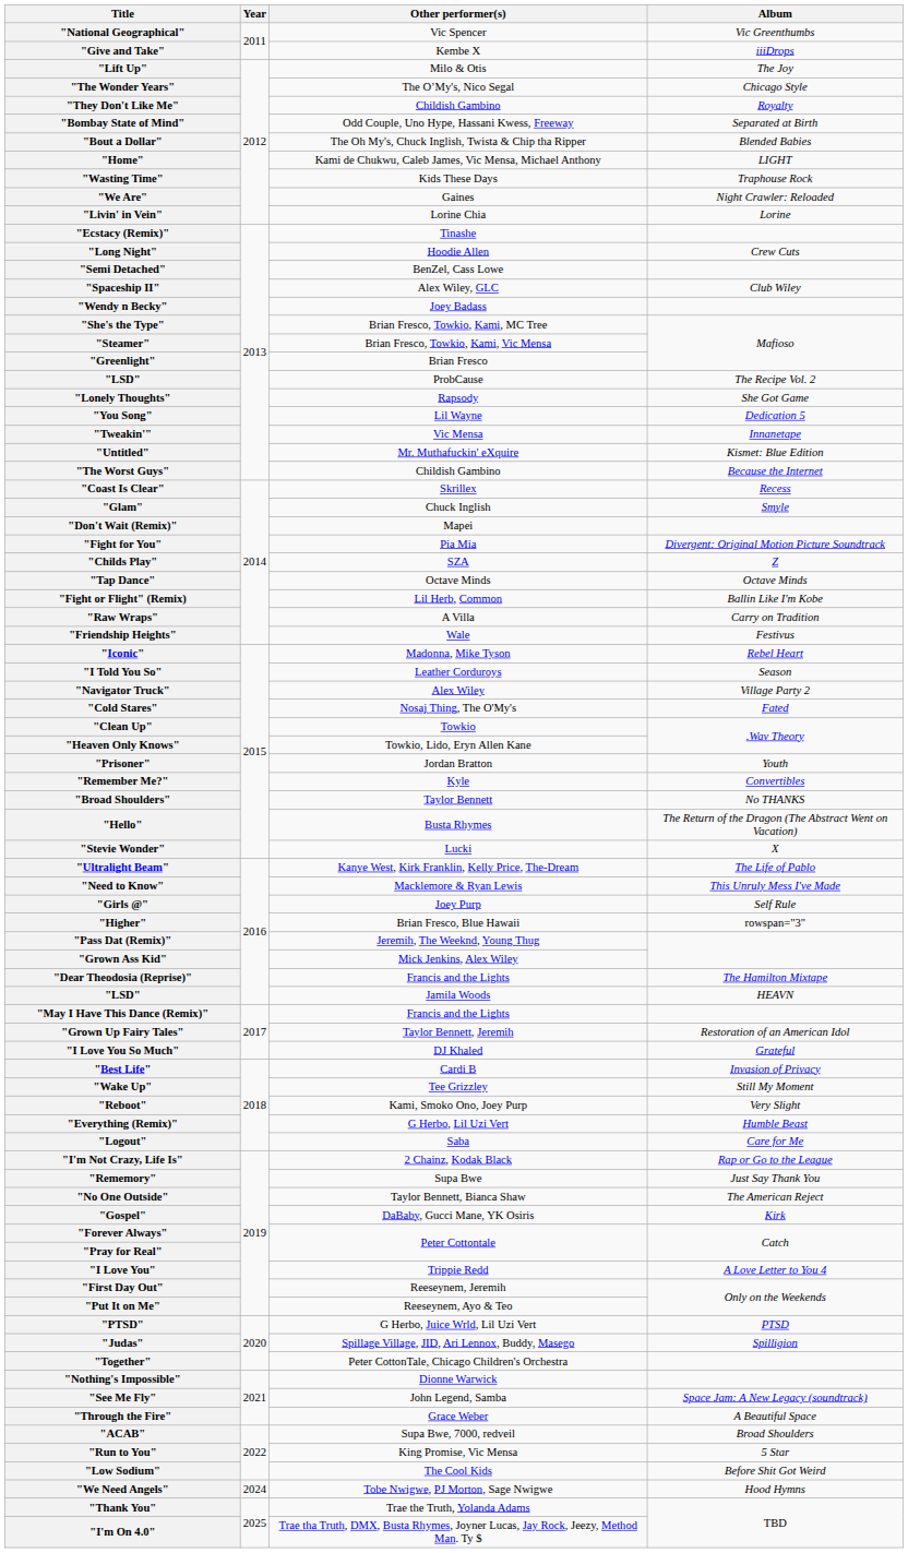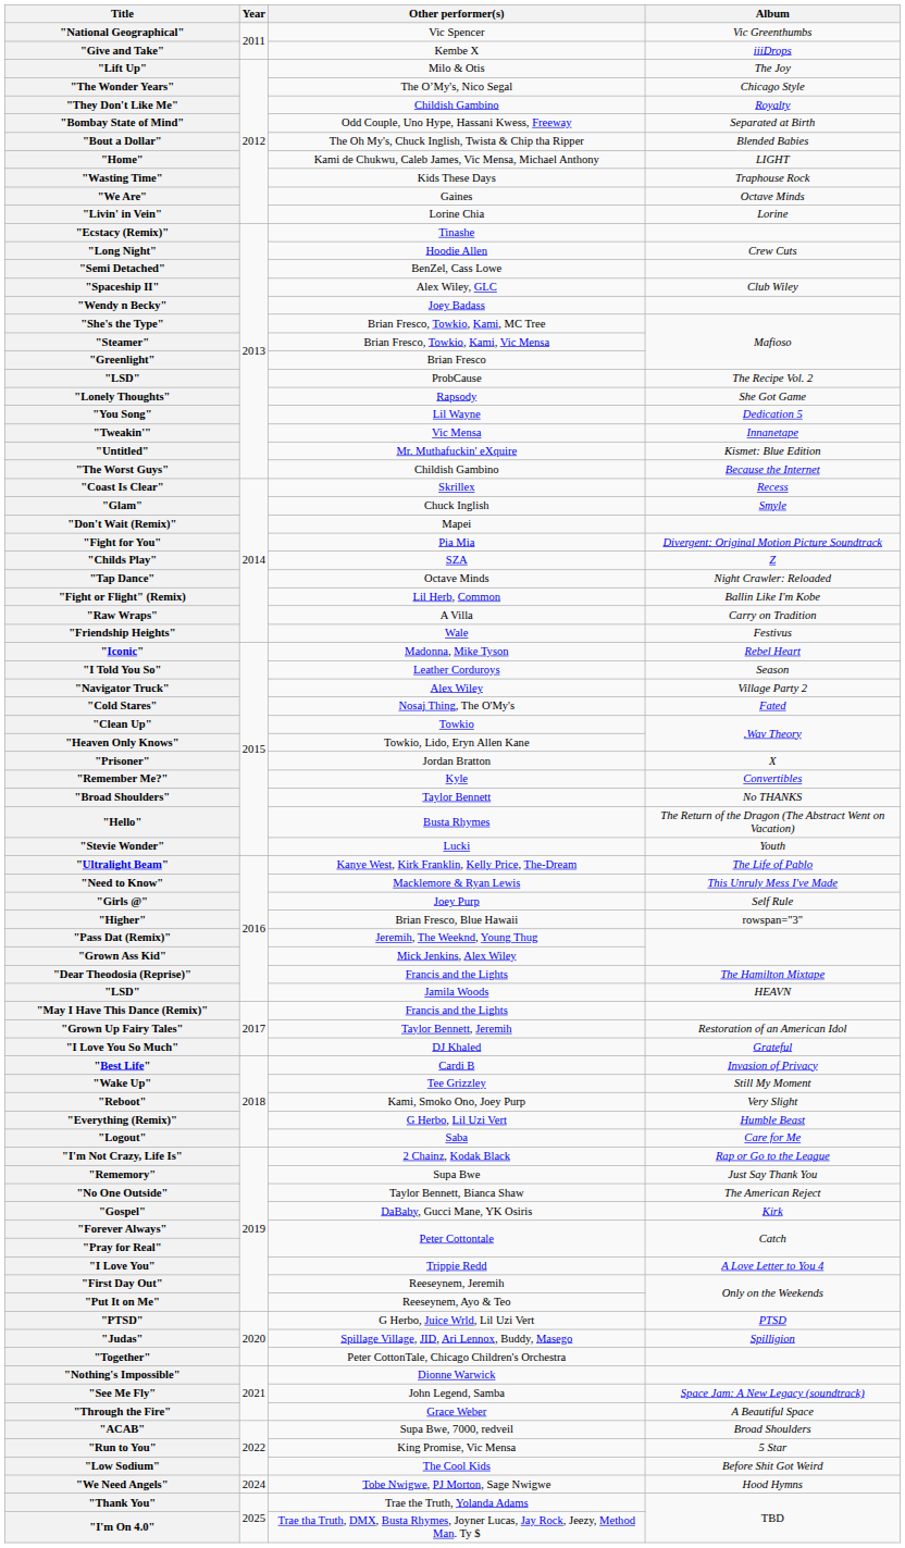 <table class="wikitable plainrowheaders" style="text-align:center;">
 <tr>
 <th scope="col" style="width:20em;">Title</th>
 <th scope="col">Year</th>
 <th scope="col">Other performer(s)</th>
 <th scope="col">Album</th>
 </tr>
 <tr>
 <th scope="row">"National Geographical"</th>
 <td rowspan="2">2011</td>
 <td>Vic Spencer</td>
 <td><em>Vic Greenthumbs</em></td>
 </tr>
 <tr>
 <th scope="row">"Give and Take"</th>
 <td>Kembe X</td>
 <td><em><a href='#'>iiiDrops</a></em></td>
 </tr>
 <tr>
 <th scope="row">"Lift Up"</th>
 <td rowspan="9">2012</td>
 <td>Milo & Otis</td>
 <td><em>The Joy</em></td>
 </tr>
 <tr>
 <th scope="row">"The Wonder Years"</th>
 <td>The O’My's, Nico Segal</td>
 <td><em>Chicago Style</em></td>
 </tr>
 <tr>
 <th scope="row">"They Don't Like Me"</th>
 <td><a href='#'>Childish Gambino</a></td>
 <td><em><a href='#'>Royalty</a></em></td>
 </tr>
 <tr>
 <th scope="row">"Bombay State of Mind"</th>
 <td>Odd Couple, Uno Hype, Hassani Kwess, <a href='#'>Freeway</a></td>
 <td><em>Separated at Birth</em></td>
 </tr>
 <tr>
 <th>"Bout a Dollar"</th>
 <td>The Oh My's, Chuck Inglish, Twista & Chip tha Ripper</td>
 <td><em>Blended Babies</em></td>
 </tr>
 <tr>
 <th scope="row">"Home"</th>
 <td>Kami de Chukwu, Caleb James, Vic Mensa, Michael Anthony</td>
 <td><em>LIGHT</em></td>
 </tr>
 <tr>
 <th scope="row">"Wasting Time"</th>
 <td>Kids These Days</td>
 <td><em>Traphouse Rock</em></td>
 </tr>
 <tr>
 <th scope="row">"We Are"</th>
 <td>Gaines</td>
-<td><em>Night Crawler: Reloaded</em></td>
+<td><em>Octave Minds</em></td>
 </tr>
 <tr>
 <th scope="row">"Livin' in Vein"</th>
 <td>Lorine Chia</td>
 <td><em>Lorine</em></td>
 </tr>
 <tr>
 <th scope="row">"Ecstacy (Remix)"</th>
 <td rowspan="14">2013</td>
 <td><a href='#'>Tinashe</a></td>
 <td></td>
 </tr>
 <tr>
 <th scope="row">"Long Night"</th>
 <td><a href='#'>Hoodie Allen</a></td>
 <td><em>Crew Cuts</em></td>
 </tr>
 <tr>
 <th scope="row">"Semi Detached"</th>
 <td>BenZel, Cass Lowe</td>
 <td></td>
 </tr>
 <tr>
 <th scope="row">"Spaceship II"</th>
 <td>Alex Wiley, <a href='#'>GLC</a></td>
 <td><em>Club Wiley</em></td>
 </tr>
 <tr>
 <th scope="row">"Wendy n Becky"</th>
 <td><a href='#'>Joey Badass</a></td>
 <td></td>
 </tr>
 <tr>
 <th scope="row">"She's the Type"</th>
 <td>Brian Fresco, <a href='#'>Towkio</a>, <a href='#'>Kami</a>, MC Tree</td>
 <td rowspan="3"><em>Mafioso</em></td>
 </tr>
 <tr>
 <th scope="row">"Steamer"</th>
 <td>Brian Fresco, <a href='#'>Towkio</a>, <a href='#'>Kami</a>, <a href='#'>Vic Mensa</a></td>
 </tr>
 <tr>
 <th scope="row">"Greenlight"</th>
 <td>Brian Fresco</td>
 </tr>
 <tr>
 <th scope="row">"LSD"</th>
 <td>ProbCause</td>
 <td><em>The Recipe Vol. 2</em></td>
 </tr>
 <tr>
 <th scope="row">"Lonely Thoughts"</th>
 <td><a href='#'>Rapsody</a></td>
 <td><em>She Got Game</em></td>
 </tr>
 <tr>
 <th scope="row">"You Song"</th>
 <td><a href='#'>Lil Wayne</a></td>
 <td><em><a href='#'>Dedication 5</a></em></td>
 </tr>
 <tr>
 <th scope="row">"Tweakin'"</th>
 <td><a href='#'>Vic Mensa</a></td>
 <td><em><a href='#'>Innanetape</a></em></td>
 </tr>
 <tr>
 <th scope="row">"Untitled"</th>
 <td><a href='#'>Mr. Muthafuckin' eXquire</a></td>
 <td><em>Kismet: Blue Edition</em></td>
 </tr>
 <tr>
 <th scope="row">"The Worst Guys"</th>
 <td>Childish Gambino</td>
 <td><em><a href='#'>Because the Internet</a></em></td>
 </tr>
 <tr>
 <th scope="row">"Coast Is Clear"</th>
 <td rowspan="9">2014</td>
 <td><a href='#'>Skrillex</a></td>
 <td><em><a href='#'>Recess</a></em></td>
 </tr>
 <tr>
 <th scope="row">"Glam"</th>
 <td>Chuck Inglish</td>
 <td><em><a href='#'>Smyle</a></em></td>
 </tr>
 <tr>
 <th scope="row">"Don't Wait (Remix)"</th>
 <td>Mapei</td>
 <td></td>
 </tr>
 <tr>
 <th scope="row">"Fight for You"</th>
 <td><a href='#'>Pia Mia</a></td>
 <td><em><a href='#'>Divergent: Original Motion Picture Soundtrack</a></em></td>
 </tr>
 <tr>
 <th scope="row">"Childs Play"</th>
 <td><a href='#'>SZA</a></td>
 <td><em><a href='#'>Z</a></em></td>
 </tr>
 <tr>
 <th scope="row">"Tap Dance"</th>
 <td>Octave Minds</td>
-<td><em>Octave Minds</em></td>
+<td><em>Night Crawler: Reloaded</em></td>
 </tr>
 <tr>
 <th scope="row">"Fight or Flight" (Remix)</th>
 <td><a href='#'>Lil Herb</a>, <a href='#'>Common</a></td>
 <td><em>Ballin Like I'm Kobe</em></td>
 </tr>
 <tr>
 <th scope="row">"Raw Wraps"</th>
 <td>A Villa</td>
 <td><em>Carry on Tradition</em></td>
 </tr>
 <tr>
 <th scope="row">"Friendship Heights"</th>
 <td><a href='#'>Wale</a></td>
 <td><em>Festivus</em></td>
 </tr>
 <tr>
 <th scope="row">"<a href='#'>Iconic</a>"</th>
 <td rowspan="11">2015</td>
 <td><a href='#'>Madonna</a>, <a href='#'>Mike Tyson</a></td>
 <td><em><a href='#'>Rebel Heart</a></em></td>
 </tr>
 <tr>
 <th scope="row">"I Told You So"</th>
 <td><a href='#'>Leather Corduroys</a></td>
 <td><em>Season</em></td>
 </tr>
 <tr>
 <th scope="row">"Navigator Truck"</th>
 <td><a href='#'>Alex Wiley</a></td>
 <td><em>Village Party 2</em></td>
 </tr>
 <tr>
 <th scope="row">"Cold Stares"</th>
 <td><a href='#'>Nosaj Thing</a>, The O'My's</td>
 <td><em><a href='#'>Fated</a></em></td>
 </tr>
 <tr>
 <th scope="row">"Clean Up"</th>
 <td><a href='#'>Towkio</a></td>
 <td rowspan="2"><em><a href='#'>.Wav Theory</a></em></td>
 </tr>
 <tr>
 <th scope="row">"Heaven Only Knows"</th>
 <td>Towkio, Lido, Eryn Allen Kane</td>
 </tr>
 <tr>
 <th scope="row">"Prisoner"</th>
 <td>Jordan Bratton</td>
-<td><em>Youth</em></td>
+<td><em>X</em></td>
 </tr>
 <tr>
 <th scope="row">"Remember Me?"</th>
 <td><a href='#'>Kyle</a></td>
 <td><em><a href='#'>Convertibles</a></em></td>
 </tr>
 <tr>
 <th scope="row">"Broad Shoulders"</th>
 <td><a href='#'>Taylor Bennett</a></td>
 <td><em>No THANKS</em></td>
 </tr>
 <tr>
 <th scope="row">"Hello"</th>
 <td><a href='#'>Busta Rhymes</a></td>
 <td><em>The Return of the Dragon (The Abstract Went on Vacation)</em></td>
 </tr>
 <tr>
 <th scope="row">"Stevie Wonder"</th>
 <td><a href='#'>Lucki</a></td>
-<td><em>X</em></td>
+<td><em>Youth</em></td>
 </tr>
 <tr>
 <th scope="row">"<a href='#'>Ultralight Beam</a>"</th>
 <td rowspan="8">2016</td>
 <td><a href='#'>Kanye West</a>, <a href='#'>Kirk Franklin</a>, <a href='#'>Kelly Price</a>, <a href='#'>The-Dream</a></td>
 <td><em><a href='#'>The Life of Pablo</a></em></td>
 </tr>
 <tr>
 <th scope="row">"Need to Know"</th>
 <td><a href='#'>Macklemore & Ryan Lewis</a></td>
 <td><em><a href='#'>This Unruly Mess I've Made</a></em></td>
 </tr>
 <tr>
 <th scope="row">"Girls @"</th>
 <td><a href='#'>Joey Purp</a></td>
 <td><em>Self Rule</em></td>
 </tr>
 <tr>
 <th scope="row">"Higher"</th>
 <td>Brian Fresco, Blue Hawaii</td>
 <td>rowspan="3" </td>
 </tr>
 <tr>
 <th scope="row">"Pass Dat (Remix)"</th>
 <td><a href='#'>Jeremih</a>, <a href='#'>The Weeknd</a>, <a href='#'>Young Thug</a></td>
 </tr>
 <tr>
 <th scope="row">"Grown Ass Kid"</th>
 <td><a href='#'>Mick Jenkins</a>, <a href='#'>Alex Wiley</a></td>
 </tr>
 <tr>
 <th scope= "row">"Dear Theodosia (Reprise)"</th>
 <td><a href='#'>Francis and the Lights</a></td>
 <td><em><a href='#'>The Hamilton Mixtape</a></em></td>
 </tr>
 <tr>
 <th scope= "row">"LSD"</th>
 <td><a href='#'>Jamila Woods</a></td>
 <td><em>HEAVN</em></td>
 </tr>
 <tr>
 <th scope= "row">"May I Have This Dance (Remix)"</th>
 <td rowspan="3">2017</td>
 <td><a href='#'>Francis and the Lights</a></td>
 <td></td>
 </tr>
 <tr>
 <th scope= "row">"Grown Up Fairy Tales"</th>
 <td><a href='#'>Taylor Bennett</a>, <a href='#'>Jeremih</a></td>
 <td><em>Restoration of an American Idol</em></td>
 </tr>
 <tr>
 <th scope= "row">"I Love You So Much"</th>
 <td><a href='#'>DJ Khaled</a></td>
 <td><em><a href='#'>Grateful</a></em></td>
 </tr>
 <tr>
 <th scope="row">"<a href='#'>Best Life</a>"</th>
 <td rowspan="5">2018</td>
 <td><a href='#'>Cardi B</a></td>
 <td><em><a href='#'>Invasion of Privacy</a></em></td>
 </tr>
 <tr>
 <th scope="row">"Wake Up"</th>
 <td><a href='#'>Tee Grizzley</a></td>
 <td><em>Still My Moment</em></td>
 </tr>
 <tr>
 <th>"Reboot"</th>
 <td>Kami, Smoko Ono, Joey Purp</td>
 <td><em>Very Slight</em></td>
 </tr>
 <tr>
 <th scope="row">"Everything (Remix)"</th>
 <td><a href='#'>G Herbo</a>, <a href='#'>Lil Uzi Vert</a></td>
 <td><em><a href='#'>Humble Beast</a></em></td>
 </tr>
 <tr>
 <th scope= "row">"Logout"</th>
 <td><a href='#'>Saba</a></td>
 <td><em><a href='#'>Care for Me</a></em></td>
 </tr>
 <tr>
 <th scope="row">"I'm Not Crazy, Life Is"</th>
 <td rowspan="9">2019</td>
 <td><a href='#'>2 Chainz</a>, <a href='#'>Kodak Black</a></td>
 <td><em><a href='#'>Rap or Go to the League</a></em></td>
 </tr>
 <tr>
 <th scope="row">"Rememory"</th>
 <td>Supa Bwe</td>
 <td><em>Just Say Thank You</em></td>
 </tr>
 <tr>
 <th scope="row">"No One Outside"</th>
 <td>Taylor Bennett, Bianca Shaw</td>
 <td><em>The American Reject</em></td>
 </tr>
 <tr>
 <th scope="row">"Gospel"</th>
 <td><a href='#'>DaBaby</a>, Gucci Mane, YK Osiris</td>
 <td><em><a href='#'>Kirk</a></em></td>
 </tr>
 <tr>
 <th scope="row">"Forever Always"</th>
 <td rowspan="2"><a href='#'>Peter Cottontale</a></td>
 <td rowspan="2"><em>Catch</em></td>
 </tr>
 <tr>
 <th>"Pray for Real"</th>
 </tr>
 <tr>
 <th scope="row">"I Love You"</th>
 <td><a href='#'>Trippie Redd</a></td>
 <td><em><a href='#'>A Love Letter to You 4</a></em></td>
 </tr>
 <tr>
 <th>"First Day Out"</th>
 <td>Reeseynem, Jeremih</td>
 <td rowspan="2"><em>Only on the Weekends</em></td>
 </tr>
 <tr>
 <th>"Put It on Me"</th>
 <td>Reeseynem, Ayo & Teo</td>
 </tr>
 <tr>
 <th scope="row">"PTSD"</th>
 <td rowspan="3">2020</td>
 <td>G Herbo, <a href='#'>Juice Wrld</a>, Lil Uzi Vert</td>
 <td><em><a href='#'>PTSD</a></em></td>
 </tr>
 <tr>
 <th scope="row">"Judas"</th>
 <td><a href='#'>Spillage Village</a>, <a href='#'>JID</a>, <a href='#'>Ari Lennox</a>, Buddy, <a href='#'>Masego</a></td>
 <td><em><a href='#'>Spilligion</a></em></td>
 </tr>
 <tr>
 <th>"Together"</th>
 <td>Peter CottonTale, Chicago Children's Orchestra</td>
 <td></td>
 </tr>
 <tr>
 <th>"Nothing's Impossible"</th>
 <td rowspan="3">2021</td>
 <td><a href='#'>Dionne Warwick</a></td>
 <td></td>
 </tr>
 <tr>
 <th scope="row">"See Me Fly"</th>
 <td>John Legend, Samba</td>
 <td><em><a href='#'>Space Jam: A New Legacy (soundtrack)</a></em></td>
 </tr>
 <tr>
 <th scope="row">"Through the Fire"</th>
 <td><a href='#'>Grace Weber</a></td>
 <td><em>A Beautiful Space</em></td>
 </tr>
 <tr>
 <th>"ACAB"</th>
 <td rowspan="3">2022</td>
 <td>Supa Bwe, 7000, redveil</td>
 <td><em>Broad Shoulders</em></td>
 </tr>
 <tr>
 <th scope="row">"Run to You"</th>
 <td>King Promise, Vic Mensa</td>
 <td><em>5 Star</em></td>
 </tr>
 <tr>
 <th scope="row">"Low Sodium"</th>
 <td><a href='#'>The Cool Kids</a></td>
 <td><em>Before Shit Got Weird</em></td>
 </tr>
 <tr>
 <th>"We Need Angels"</th>
 <td>2024</td>
 <td><a href='#'>Tobe Nwigwe</a>, <a href='#'>PJ Morton</a>, Sage Nwigwe</td>
 <td><em>Hood Hymns</em></td>
 </tr>
 <tr>
 <th>"Thank You"</th>
 <td rowspan="2">2025</td>
 <td>Trae the Truth, <a href='#'>Yolanda Adams</a></td>
 <td rowspan="2">TBD</td>
 </tr>
 <tr>
 <th>"I'm On 4.0"</th>
 <td><a href='#'>Trae tha Truth</a>, <a href='#'>DMX</a>, <a href='#'>Busta Rhymes</a>, Joyner Lucas, <a href='#'>Jay Rock</a>, Jeezy, <a href='#'>Method Man</a>. Ty $</td>
 </tr>
 </table>
